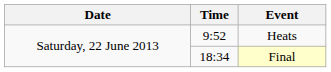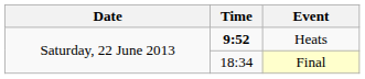 <table class = "wikitable" style="text-align:center;">
 <tr>
 <th width=220>Date</th>
 <th width=50>Time</th>
 <th width=100>Event</th>
 </tr>
 <tr>
 <td rowspan=2>Saturday, 22 June 2013</td>
-<td>9:52</td>
+<td><strong>9:52</strong></td>
 <td>Heats</td>
 </tr>
 <tr>
 <td>18:34</td>
 <td bgcolor=ffffcc>Final</td>
 </tr>
 </table>
